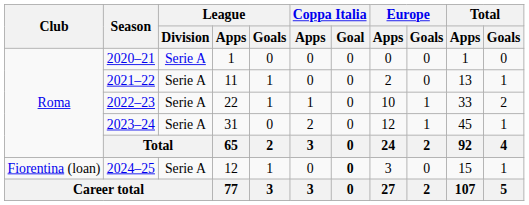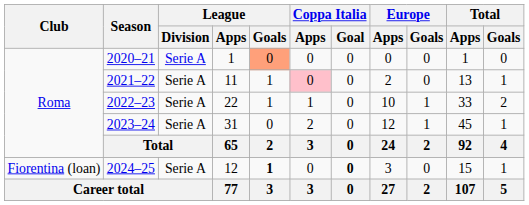 <table class="wikitable" style="text-align:center">
 <tr>
 <th rowspan="2">Club</th>
 <th rowspan="2">Season</th>
 <th colspan="3">League</th>
 <th colspan="2"><a href='#'>Coppa Italia</a></th>
 <th colspan="2"><a href='#'>Europe</a></th>
 <th colspan="2">Total</th>
 </tr>
 <tr>
 <th>Division</th>
 <th>Apps</th>
 <th>Goals</th>
 <th>Apps</th>
 <th>Goal</th>
 <th>Apps</th>
 <th>Goals</th>
 <th>Apps</th>
 <th>Goals</th>
 </tr>
 <tr>
 <td rowspan="5"><a href='#'>Roma</a></td>
 <td><a href='#'>2020–21</a></td>
 <td><a href='#'>Serie A</a></td>
 <td>1</td>
-<td>0</td>
+<td style="background: lightsalmon;">0</td>
 <td>0</td>
 <td>0</td>
 <td>0</td>
 <td>0</td>
 <td>1</td>
 <td>0</td>
 </tr>
 <tr>
 <td><a href='#'>2021–22</a></td>
 <td>Serie A</td>
 <td>11</td>
 <td>1</td>
-<td>0</td>
+<td style="background: pink;">0</td>
 <td>0</td>
 <td>2</td>
 <td>0</td>
 <td>13</td>
 <td>1</td>
 </tr>
 <tr>
 <td><a href='#'>2022–23</a></td>
 <td>Serie A</td>
 <td>22</td>
 <td>1</td>
 <td>1</td>
 <td>0</td>
 <td>10</td>
 <td>1</td>
 <td>33</td>
 <td>2</td>
 </tr>
 <tr>
 <td><a href='#'>2023–24</a></td>
 <td>Serie A</td>
 <td>31</td>
 <td>0</td>
 <td>2</td>
 <td>0</td>
 <td>12</td>
 <td>1</td>
 <td>45</td>
 <td>1</td>
 </tr>
 <tr>
 <th colspan="2">Total</th>
 <th>65</th>
 <th>2</th>
 <th>3</th>
 <th>0</th>
 <th>24</th>
 <th>2</th>
 <th>92</th>
 <th>4</th>
 </tr>
 <tr>
 <td><a href='#'>Fiorentina</a> (loan)</td>
 <td><a href='#'>2024–25</a></td>
 <td>Serie A</td>
 <td>12</td>
-<td>1</td>
+<td><strong>1</strong></td>
 <td>0</td>
 <td><strong>0</strong></td>
 <td>3</td>
 <td>0</td>
 <td>15</td>
 <td>1</td>
 </tr>
 <tr>
 <th colspan="3">Career total</th>
 <th>77</th>
 <th>3</th>
 <th>3</th>
 <th>0</th>
 <th>27</th>
 <th>2</th>
 <th>107</th>
 <th>5</th>
 </tr>
 </table>
